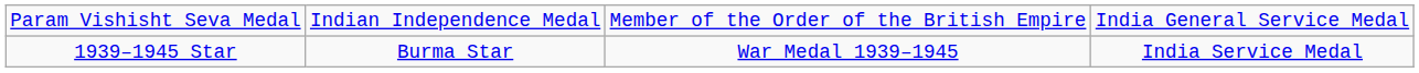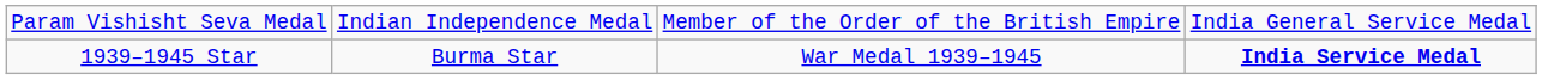 <table class="wikitable" style="margin:1em auto; text-align:center;">
 <tr>
 <td><a href='#'>Param Vishisht Seva Medal</a></td>
 <td><a href='#'>Indian Independence Medal</a></td>
 <td><a href='#'>Member of the Order of the British Empire</a></td>
 <td><a href='#'>India General Service Medal</a></td>
 </tr>
 <tr>
 <td><a href='#'>1939–1945 Star</a></td>
 <td><a href='#'>Burma Star</a></td>
 <td><a href='#'>War Medal 1939–1945</a></td>
-<td><a href='#'>India Service Medal</a></td>
+<td><strong><a href='#'>India Service Medal</a></strong></td>
 </tr>
 </table>
